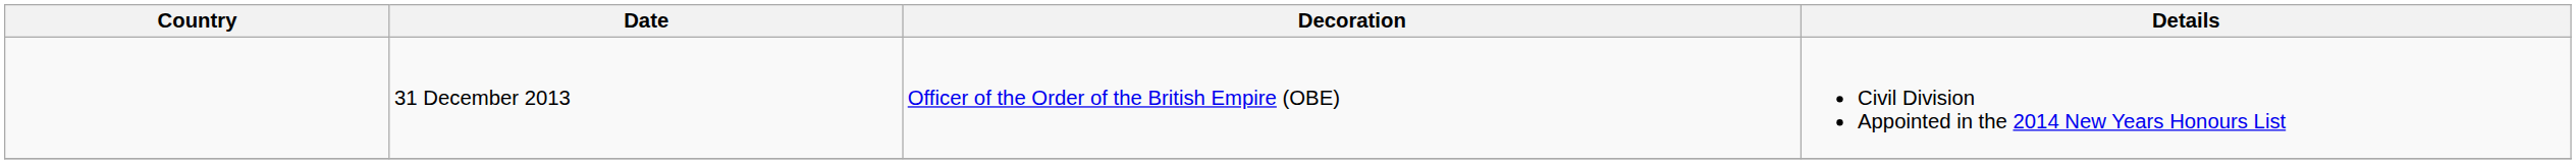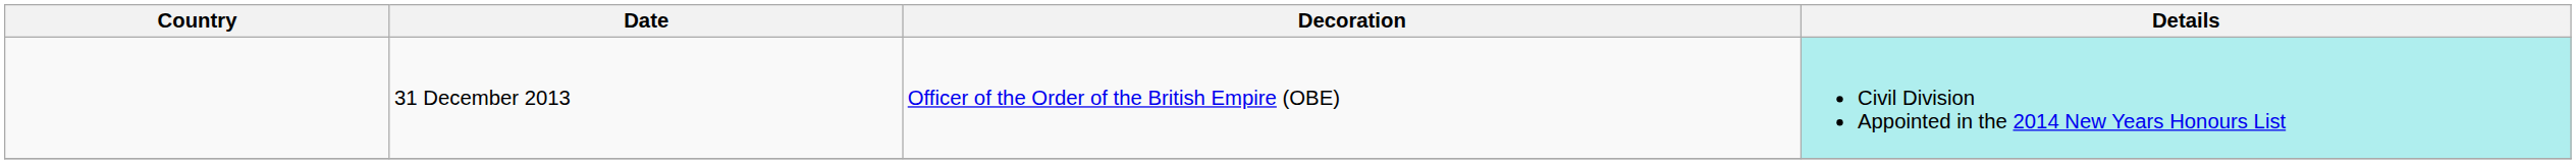 <table class="wikitable" style="width:100%;">
 <tr>
 <th style="width:15%;">Country</th>
 <th style="width:20%;">Date</th>
 <th style="width:35%;">Decoration</th>
 <th style="width:30%;">Details</th>
 </tr>
 <tr>
 <td></td>
 <td>31 December 2013</td>
 <td><a href='#'>Officer of the Order of the British Empire</a> (OBE)</td>
-<td><br><ul><li>Civil Division</li><li>Appointed in the <a href='#'>2014 New Years Honours List</a></li></ul></td>
+<td style="background: paleturquoise;"><br><ul><li>Civil Division</li><li>Appointed in the <a href='#'>2014 New Years Honours List</a></li></ul></td>
 </tr>
 <tr>
 </tr>
 </table>
